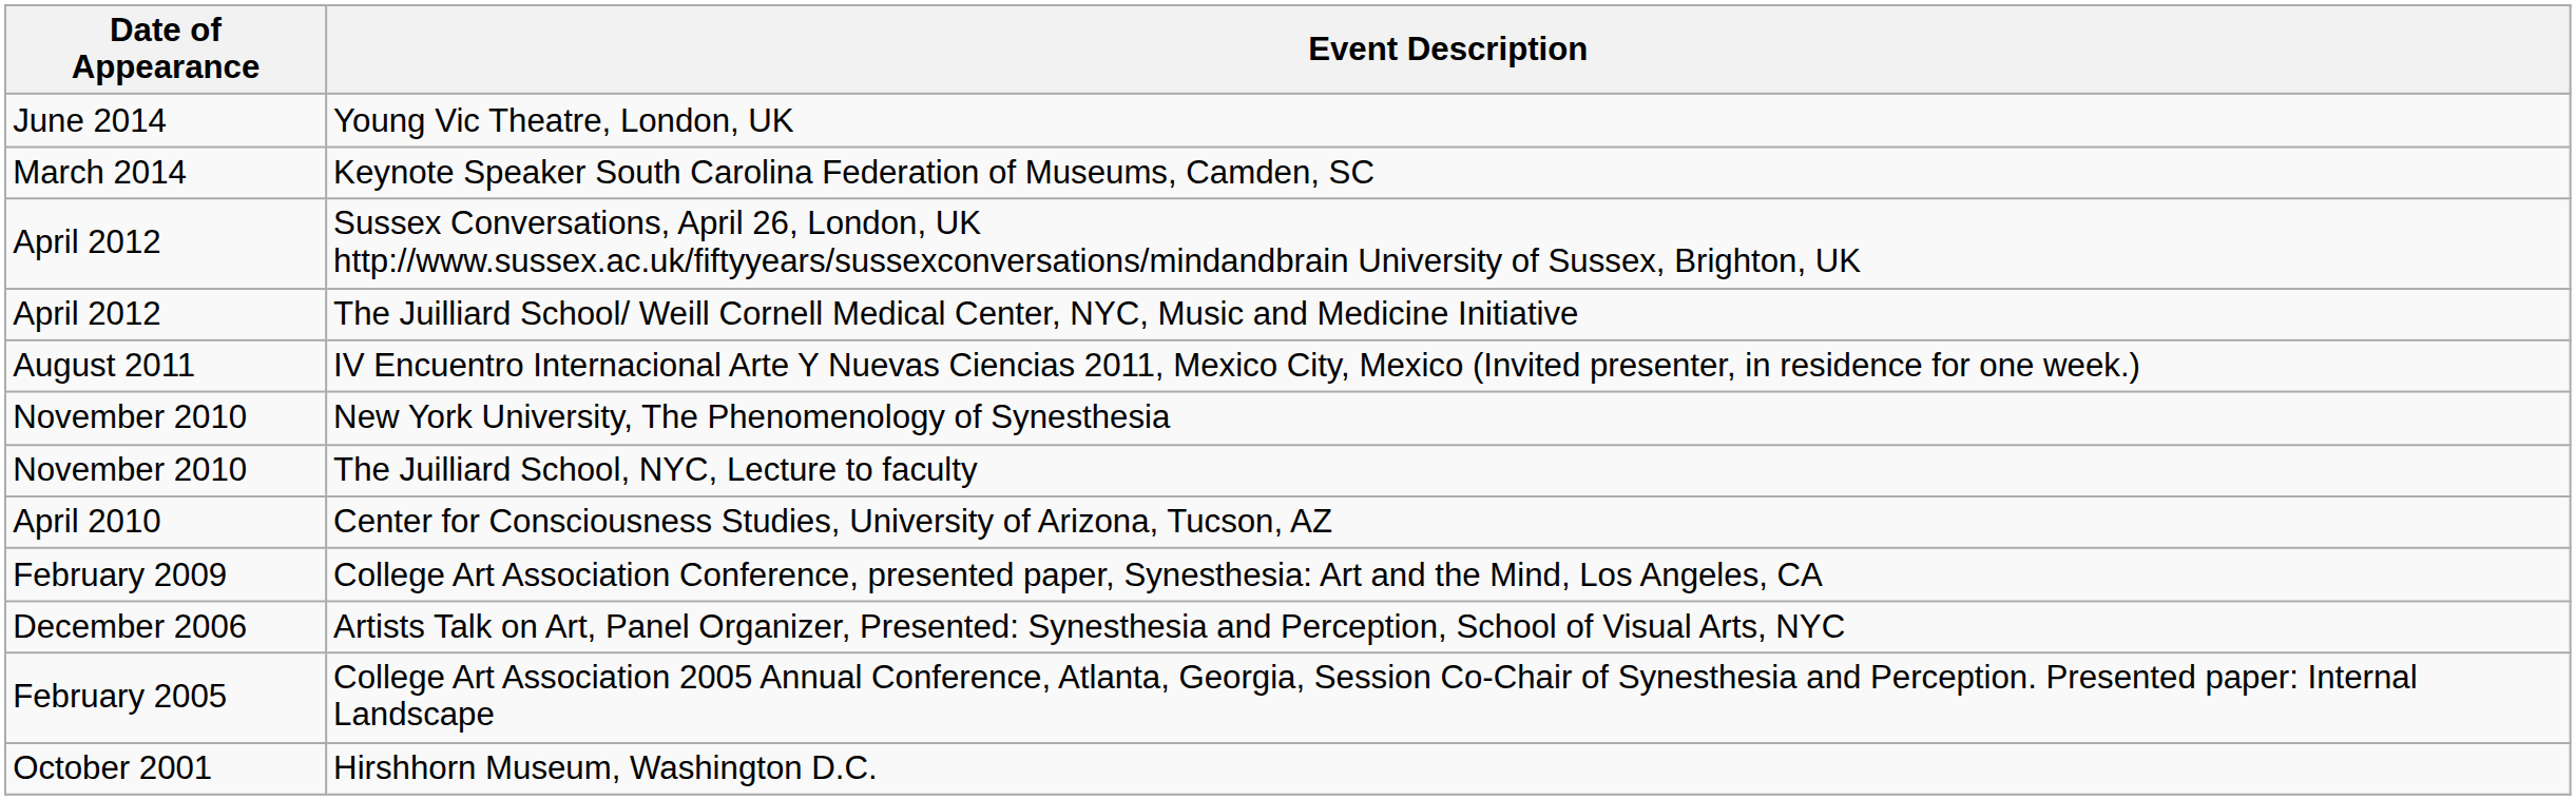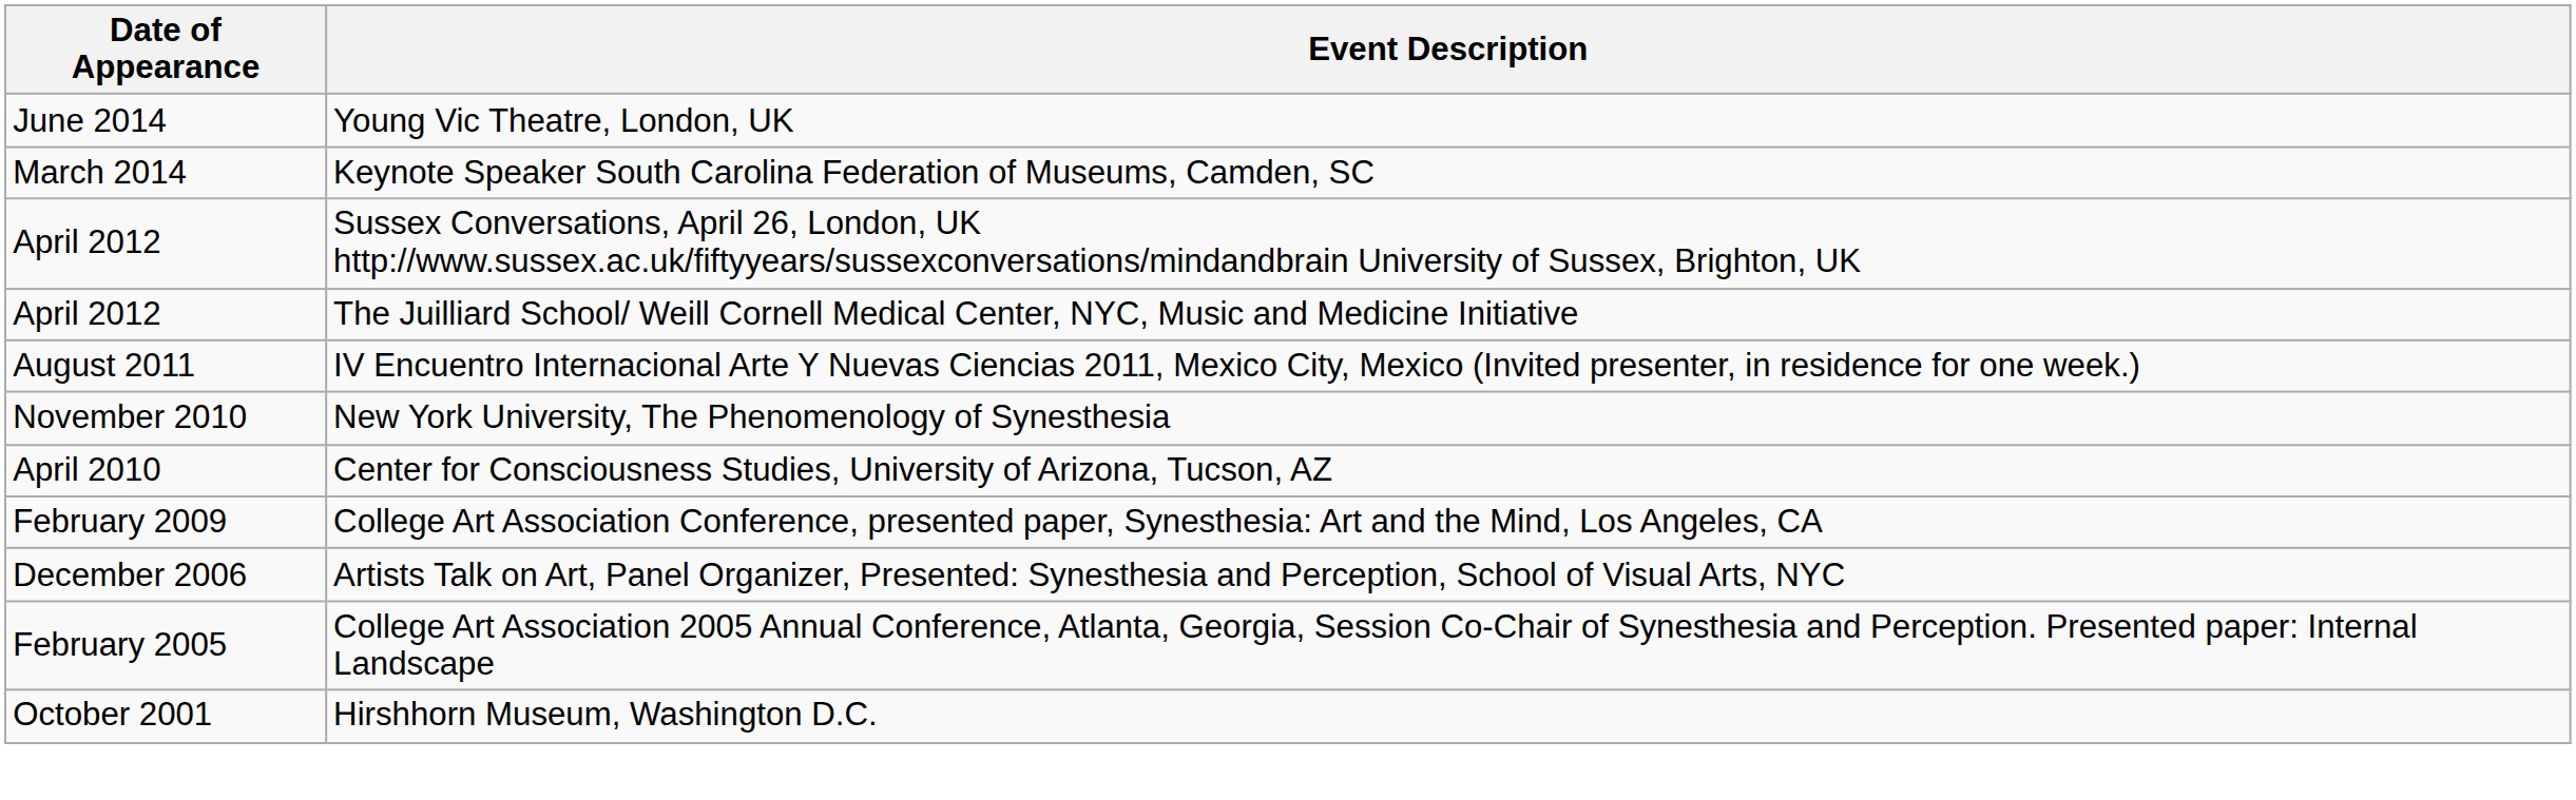 <table class="wikitable">
 <tr>
 <th>Date of Appearance</th>
 <th>Event Description</th>
 </tr>
 <tr>
 <td>June 2014</td>
 <td>Young Vic Theatre, London, UK</td>
 </tr>
 <tr>
 <td>March 2014</td>
 <td>Keynote Speaker South Carolina Federation of Museums, Camden, SC</td>
 </tr>
 <tr>
 <td>April 2012</td>
 <td>Sussex Conversations, April 26, London, UK<br>http://www.sussex.ac.uk/fiftyyears/sussexconversations/mindandbrain University of Sussex, Brighton, UK</td>
 </tr>
 <tr>
 <td>April 2012</td>
 <td>The Juilliard School/ Weill Cornell Medical Center, NYC, Music and Medicine Initiative</td>
 </tr>
 <tr>
 <td>August 2011</td>
 <td>IV Encuentro Internacional Arte Y Nuevas Ciencias 2011, Mexico City, Mexico (Invited presenter, in residence for one week.)</td>
 </tr>
 <tr>
 <td>November 2010</td>
 <td>New York University, The Phenomenology of Synesthesia</td>
 </tr>
 <tr>
-<td>November 2010</td>
-<td>The Juilliard School, NYC, Lecture to faculty</td>
-</tr>
-<tr>
 <td>April 2010</td>
 <td>Center for Consciousness Studies, University of Arizona, Tucson, AZ</td>
 </tr>
 <tr>
 <td>February 2009</td>
 <td>College Art Association Conference, presented paper, Synesthesia: Art and the Mind, Los Angeles, CA</td>
 </tr>
 <tr>
 <td>December 2006</td>
 <td>Artists Talk on Art, Panel Organizer, Presented: Synesthesia and Perception, School of Visual Arts, NYC</td>
 </tr>
 <tr>
 <td>February 2005</td>
 <td>College Art Association 2005 Annual Conference, Atlanta, Georgia, Session Co-Chair of Synesthesia and Perception. Presented paper: Internal Landscape</td>
 </tr>
 <tr>
 <td>October 2001</td>
 <td>Hirshhorn Museum, Washington D.C.</td>
 </tr>
 </table>
